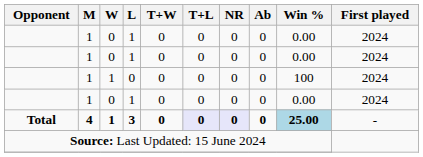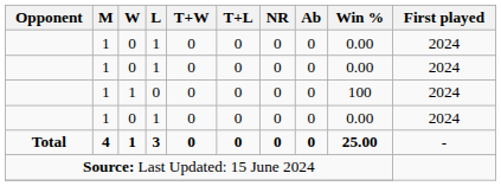 <table class="wikitable" style="text-align: center; width: 500px;">
 <tr>
 <th>Opponent</th>
 <th>M</th>
 <th>W</th>
 <th>L</th>
 <th>T+W</th>
 <th>T+L</th>
 <th>NR</th>
 <th>Ab</th>
 <th>Win %</th>
 <th>First played</th>
 </tr>
 <tr>
 <td align="left"></td>
 <td>1</td>
 <td>0</td>
 <td>1</td>
 <td>0</td>
 <td>0</td>
 <td>0</td>
 <td>0</td>
 <td>0.00</td>
 <td>2024</td>
 </tr>
 <tr>
 <td align="left"></td>
 <td>1</td>
 <td>0</td>
 <td>1</td>
 <td>0</td>
 <td>0</td>
 <td>0</td>
 <td>0</td>
 <td>0.00</td>
 <td>2024</td>
 </tr>
 <tr>
 <td align="left"></td>
 <td>1</td>
 <td>1</td>
 <td>0</td>
 <td>0</td>
 <td>0</td>
 <td>0</td>
 <td>0</td>
 <td>100</td>
 <td>2024</td>
 </tr>
 <tr>
 <td align="left"></td>
 <td>1</td>
 <td>0</td>
 <td>1</td>
 <td>0</td>
 <td>0</td>
 <td>0</td>
 <td>0</td>
 <td>0.00</td>
 <td>2024</td>
 </tr>
 <tr>
 <td><strong>Total</strong></td>
 <td><strong>4</strong></td>
 <td><strong>1</strong></td>
 <td><strong>3</strong></td>
 <td><strong>0</strong></td>
-<td style="background: lavender;"><strong>0</strong></td>
-<td style="background: lavender;"><strong>0</strong></td>
 <td><strong>0</strong></td>
-<td style="background: lightblue;"><strong>25.00</strong></td>
+<td><strong>0</strong></td>
+<td><strong>0</strong></td>
+<td><strong>25.00</strong></td>
 <td>-</td>
 </tr>
 <tr>
 <td colspan="9"><strong>Source:</strong> Last Updated: 15 June 2024</td>
 </tr>
 <tr>
 </tr>
 </table>
